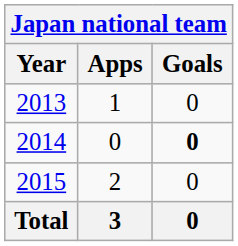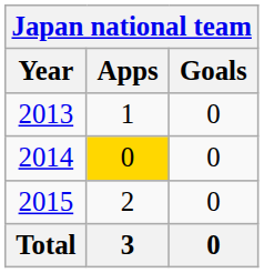 <table class="wikitable" style="text-align:center">
 <tr>
 <th colspan=3><a href='#'>Japan national team</a></th>
 </tr>
 <tr>
 <th>Year</th>
 <th>Apps</th>
 <th>Goals</th>
 </tr>
 <tr>
 <td><a href='#'>2013</a></td>
 <td>1</td>
 <td>0</td>
 </tr>
 <tr>
 <td><a href='#'>2014</a></td>
+<td style="background: gold;">0</td>
 <td>0</td>
-<td><strong>0</strong></td>
 </tr>
 <tr>
 <td><a href='#'>2015</a></td>
 <td>2</td>
 <td>0</td>
 </tr>
 <tr>
 <th>Total</th>
 <th>3</th>
 <th>0</th>
 </tr>
 </table>
